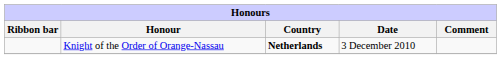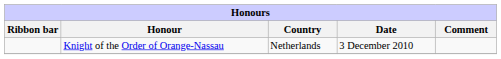 <table class="wikitable" style="width:60%;">
 <tr style="background:#ccf; text-align:center;">
 <td colspan=5><strong>Honours</strong></td>
 </tr>
 <tr>
 <th style="width:80px;">Ribbon bar</th>
 <th>Honour</th>
 <th>Country</th>
 <th>Date</th>
 <th>Comment</th>
 </tr>
 <tr>
 <td></td>
 <td><a href='#'>Knight</a> of the <a href='#'>Order of Orange-Nassau</a></td>
-<td><strong>Netherlands</strong></td>
+<td>Netherlands</td>
 <td>3 December 2010</td>
 <td></td>
 </tr>
 <tr>
 </tr>
 </table>
